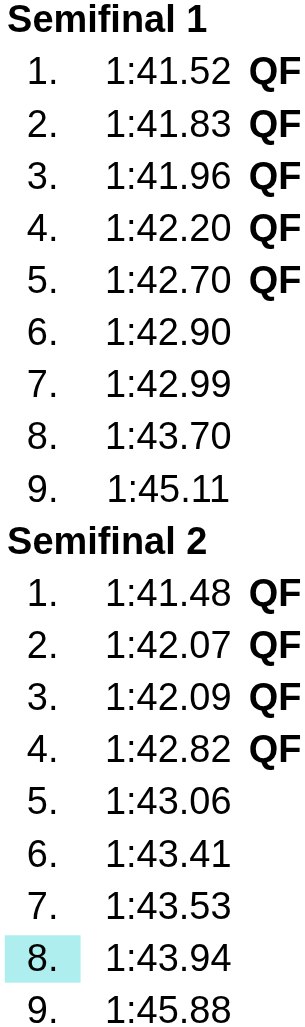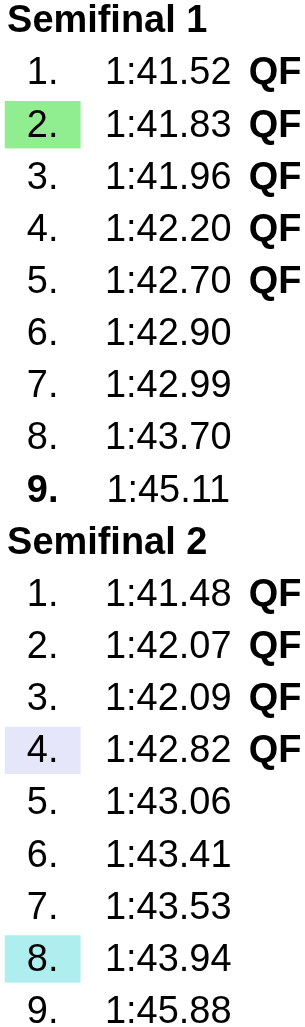 <table style="text-align:center">
 <tr>
 <td colspan=4 align=left><strong>Semifinal 1</strong></td>
 </tr>
 <tr>
 <td width=30>1.</td>
 <td align=left></td>
 <td width=60>1:41.52</td>
 <td><strong>QF</strong></td>
 </tr>
 <tr>
-<td>2.</td>
+<td style="background: lightgreen;">2.</td>
 <td align=left></td>
 <td>1:41.83</td>
 <td><strong>QF</strong></td>
 </tr>
 <tr>
 <td>3.</td>
 <td align=left></td>
 <td>1:41.96</td>
 <td><strong>QF</strong></td>
 </tr>
 <tr>
 <td>4.</td>
 <td align=left></td>
 <td>1:42.20</td>
 <td><strong>QF</strong></td>
 </tr>
 <tr>
 <td>5.</td>
 <td align=left></td>
 <td>1:42.70</td>
 <td><strong>QF</strong></td>
 </tr>
 <tr>
 <td>6.</td>
 <td align=left></td>
 <td>1:42.90</td>
 <td></td>
 </tr>
 <tr>
 <td>7.</td>
 <td align=left></td>
 <td>1:42.99</td>
 <td></td>
 </tr>
 <tr>
 <td>8.</td>
 <td align=left></td>
 <td>1:43.70</td>
 <td></td>
 </tr>
 <tr>
-<td>9.</td>
+<td><strong>9.</strong></td>
 <td align=left></td>
 <td>1:45.11</td>
 <td></td>
 </tr>
 <tr>
 <td colspan=4 align=left><strong>Semifinal 2</strong></td>
 </tr>
 <tr>
 <td width=30>1.</td>
 <td align=left></td>
 <td width=60>1:41.48</td>
 <td><strong>QF</strong></td>
 </tr>
 <tr>
 <td>2.</td>
 <td align=left></td>
 <td>1:42.07</td>
 <td><strong>QF</strong></td>
 </tr>
 <tr>
 <td>3.</td>
 <td align=left></td>
 <td>1:42.09</td>
 <td><strong>QF</strong></td>
 </tr>
 <tr>
-<td>4.</td>
+<td style="background: lavender;">4.</td>
 <td align=left></td>
 <td>1:42.82</td>
 <td><strong>QF</strong></td>
 </tr>
 <tr>
 <td>5.</td>
 <td align=left></td>
 <td>1:43.06</td>
 <td></td>
 </tr>
 <tr>
 <td>6.</td>
 <td align=left></td>
 <td>1:43.41</td>
 <td></td>
 </tr>
 <tr>
 <td>7.</td>
 <td align=left></td>
 <td>1:43.53</td>
 <td></td>
 </tr>
 <tr>
 <td style="background: paleturquoise;">8.</td>
 <td align=left></td>
 <td>1:43.94</td>
 <td></td>
 </tr>
 <tr>
 <td>9.</td>
 <td align=left></td>
 <td>1:45.88</td>
 <td></td>
 </tr>
 </table>
